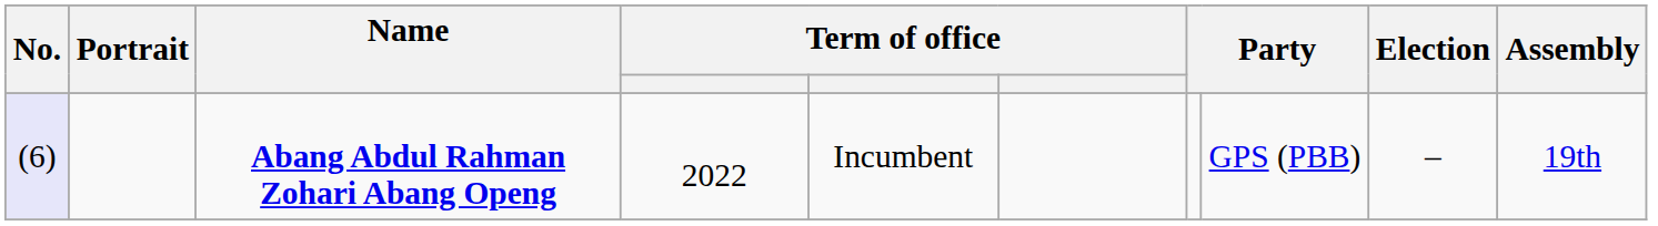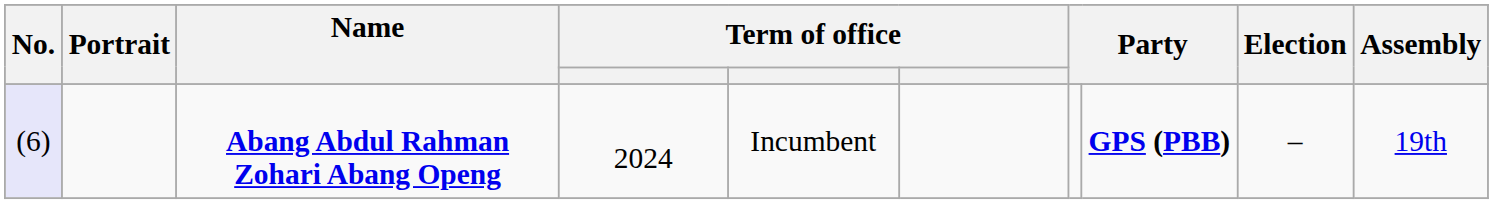 <table class="wikitable" style="text-align:center; border:1px #aaf solid;">
 <tr>
 <th rowspan="2">No.</th>
 <th rowspan="2">Portrait</th>
 <th rowspan="2" width="200">Name<br><br></th>
 <th colspan="3">Term of office</th>
 <th colspan="2" rowspan="2">Party</th>
 <th rowspan="2">Election</th>
 <th rowspan="2">Assembly</th>
 </tr>
 <tr>
 <th width="85"></th>
 <th width="85"></th>
 <th width="85"></th>
 </tr>
 <tr>
 <td style="background: lavender;">(6)</td>
 <td></td>
 <td><br><strong><a href='#'>Abang Abdul Rahman Zohari Abang Openg</a></strong><br></td>
-<td><br>2022</td>
+<td><br>2024</td>
 <td>Incumbent</td>
 <td></td>
 <td style="background:"></td>
-<td><a href='#'>GPS</a> (<a href='#'>PBB</a>)</td>
+<td><strong><a href='#'>GPS</a> (<a href='#'>PBB</a>)</strong></td>
 <td>–</td>
 <td><a href='#'>19th</a></td>
 </tr>
 </table>
